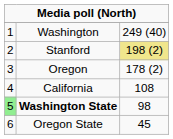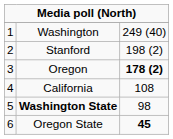 <table class="wikitable">
 <tr align="center">
 <td align="center" Colspan="3"><strong>Media poll (North)</strong></td>
 </tr>
 <tr align="center">
 </tr>
 <tr align="center">
 <td>1</td>
 <td>Washington</td>
 <td>249 (40)</td>
 </tr>
 <tr align="center">
 <td>2</td>
 <td>Stanford</td>
-<td style="background: khaki;">198 (2)</td>
+<td>198 (2)</td>
 </tr>
 <tr align="center">
 <td>3</td>
 <td>Oregon</td>
-<td>178 (2)</td>
+<td><strong>178 (2)</strong></td>
 </tr>
 <tr align="center">
 <td>4</td>
 <td>California</td>
 <td>108</td>
 </tr>
 <tr align="center">
-<td style="background: lightgreen;">5</td>
+<td>5</td>
 <td><strong>Washington State</strong></td>
 <td>98</td>
 </tr>
 <tr align="center">
 <td>6</td>
 <td>Oregon State</td>
-<td>45</td>
+<td><strong>45</strong></td>
 </tr>
 </table>
